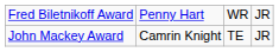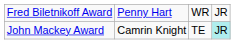 <table class="wikitable">
 <tr>
 <td><a href='#'>Fred Biletnikoff Award</a></td>
 <td><a href='#'>Penny Hart</a></td>
 <td>WR</td>
 <td>JR</td>
 </tr>
 <tr>
 <td><a href='#'>John Mackey Award</a></td>
 <td>Camrin Knight</td>
 <td>TE</td>
-<td>JR</td>
+<td style="background: paleturquoise;">JR</td>
 </tr>
 </table>
